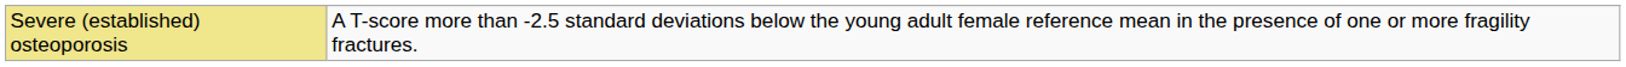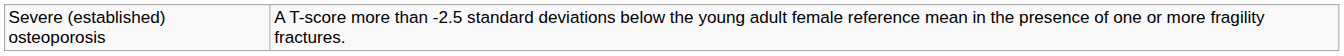 <table class="wikitable">
 <tr |Osteoporosis||T-score less than -2.5>
 </tr>
 <tr>
-<td style="background: khaki;">Severe (established) osteoporosis</td>
+<td>Severe (established) osteoporosis</td>
 <td>A T-score more than -2.5 standard deviations below the young adult female reference mean in the presence of one or more fragility fractures.</td>
 </tr>
 </table>
